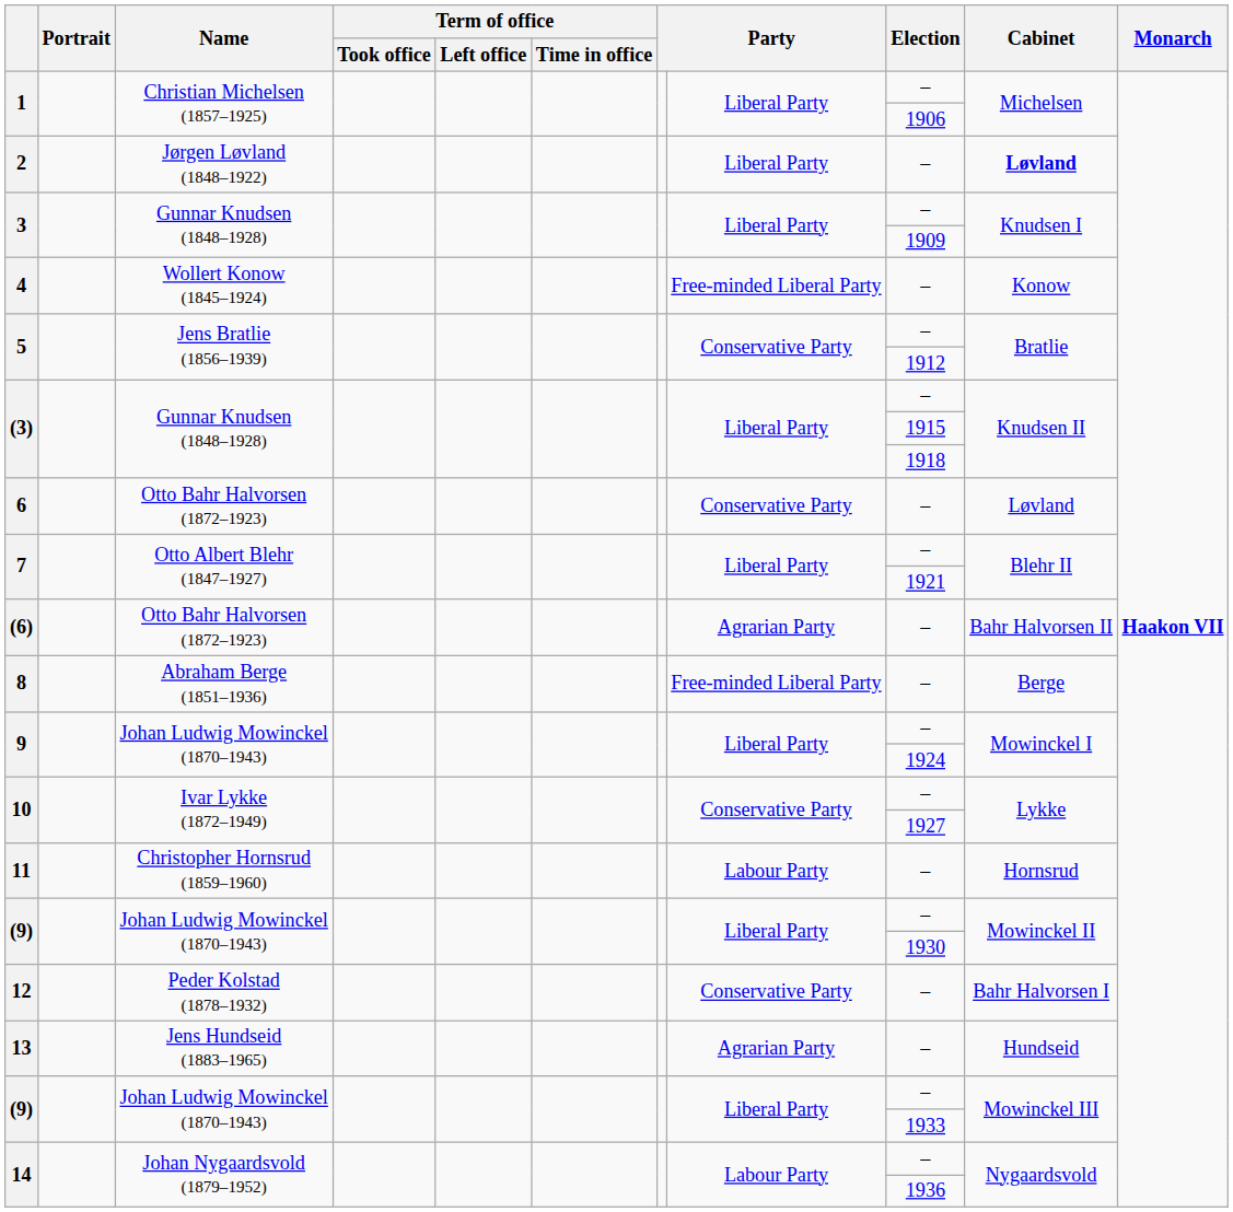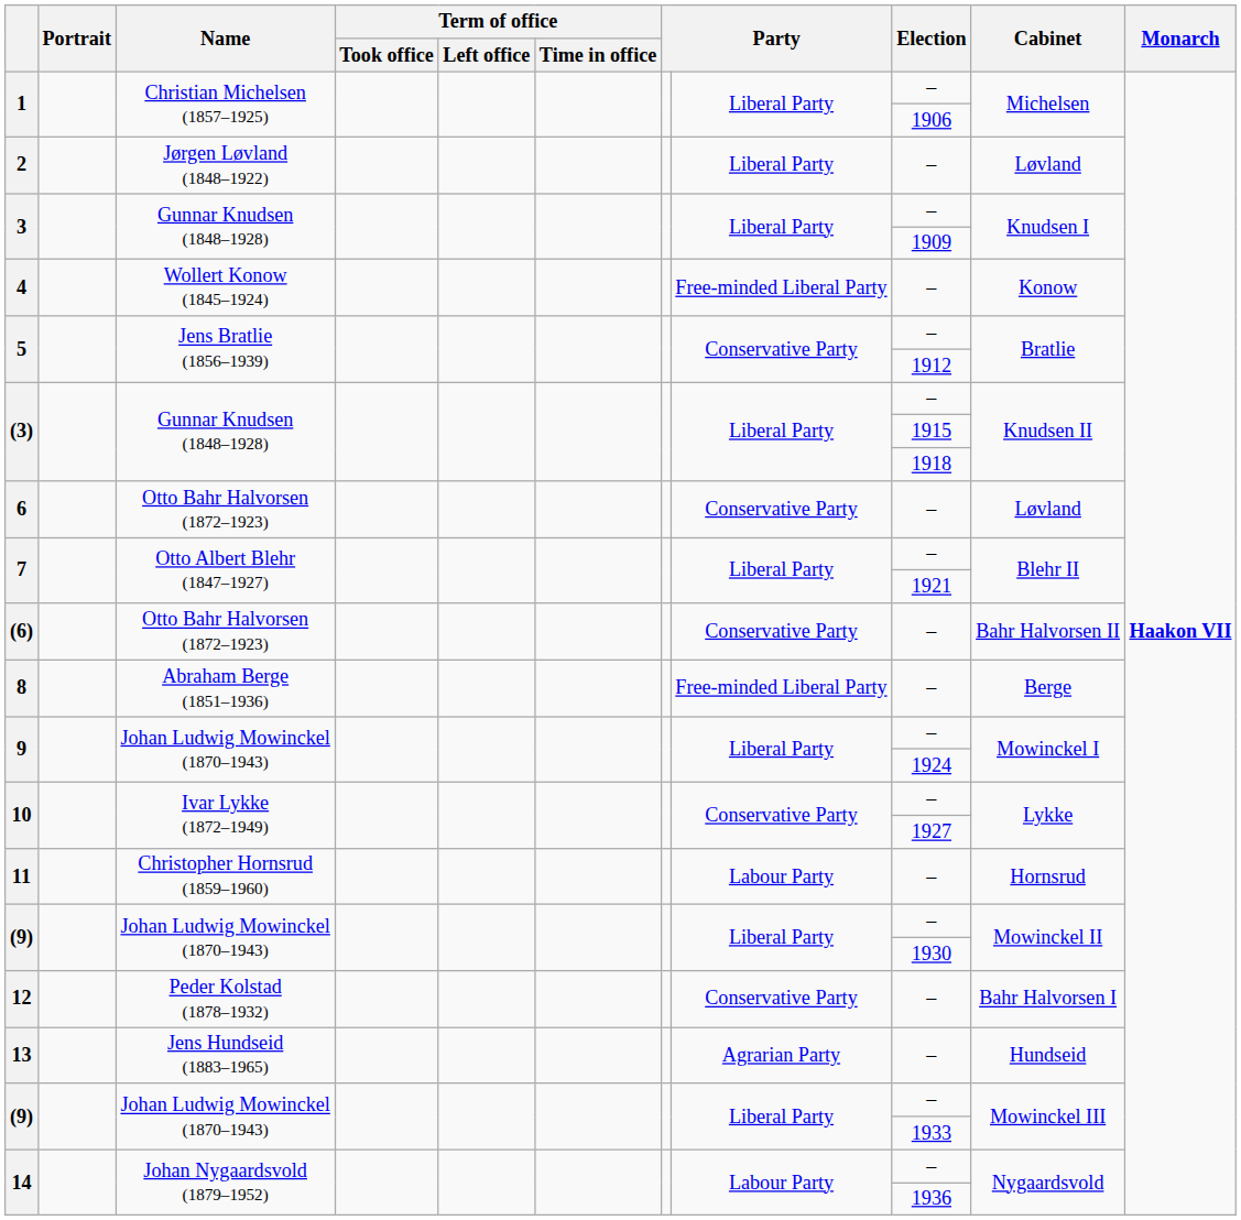 <table class="wikitable" style="text-align:center; font-size:90%;">
 <tr>
 <th rowspan=2></th>
 <th rowspan=2>Portrait</th>
 <th rowspan=2>Name<br></th>
 <th colspan=3>Term of office</th>
 <th colspan=2 rowspan=2>Party</th>
 <th rowspan=2>Election</th>
 <th rowspan=2>Cabinet<br></th>
 <th rowspan=2><a href='#'>Monarch</a><br></th>
 </tr>
 <tr>
 <th>Took office</th>
 <th>Left office</th>
 <th>Time in office</th>
 </tr>
 <tr>
 <th rowspan=2>1</th>
 <td rowspan=2></td>
 <td rowspan=2><a href='#'>Christian Michelsen</a><br><small>(1857–1925)</small></td>
 <td rowspan=2></td>
 <td rowspan=2></td>
 <td rowspan=2></td>
 <td rowspan=2 style="background:"></td>
 <td rowspan=2><a href='#'>Liberal Party</a></td>
 <td>–</td>
 <td rowspan=2><a href='#'>Michelsen</a><br></td>
 <td rowspan=29><strong><a href='#'>Haakon VII</a></strong><br><br></td>
 </tr>
 <tr>
 <td><a href='#'>1906</a></td>
 </tr>
 <tr>
 <th>2</th>
 <td></td>
 <td><a href='#'>Jørgen Løvland</a><br><small>(1848–1922)</small></td>
 <td></td>
 <td></td>
 <td></td>
 <td style="background:"></td>
 <td><a href='#'>Liberal Party</a></td>
 <td>–</td>
-<td><strong><a href='#'>Løvland</a><br></strong></td>
+<td><a href='#'>Løvland</a><br></td>
 </tr>
 <tr>
 <th rowspan=2>3</th>
 <td rowspan=2></td>
 <td rowspan=2><a href='#'>Gunnar Knudsen</a><br><small>(1848–1928)</small></td>
 <td rowspan=2></td>
 <td rowspan=2></td>
 <td rowspan=2></td>
 <td rowspan=2 style="background:"></td>
 <td rowspan=2><a href='#'>Liberal Party</a></td>
 <td>–</td>
 <td rowspan=2><a href='#'>Knudsen I</a><br></td>
 </tr>
 <tr>
 <td><a href='#'>1909</a></td>
 </tr>
 <tr>
 <th>4</th>
 <td></td>
 <td><a href='#'>Wollert Konow</a><br><small>(1845–1924)</small></td>
 <td></td>
 <td></td>
 <td></td>
 <td style="background:"></td>
 <td><a href='#'>Free-minded Liberal Party</a></td>
 <td>–</td>
 <td><a href='#'>Konow</a><br></td>
 </tr>
 <tr>
 <th rowspan=2>5</th>
 <td rowspan=2></td>
 <td rowspan=2><a href='#'>Jens Bratlie</a><br><small>(1856–1939)</small></td>
 <td rowspan=2></td>
 <td rowspan=2></td>
 <td rowspan=2></td>
 <td rowspan=2 style="background:"></td>
 <td rowspan=2><a href='#'>Conservative Party</a></td>
 <td>–</td>
 <td rowspan=2><a href='#'>Bratlie</a><br></td>
 </tr>
 <tr>
 <td><a href='#'>1912</a></td>
 </tr>
 <tr>
 <th rowspan=3>(3)</th>
 <td rowspan=3></td>
 <td rowspan=3><a href='#'>Gunnar Knudsen</a><br><small>(1848–1928)</small></td>
 <td rowspan=3></td>
 <td rowspan=3></td>
 <td rowspan=3></td>
 <td rowspan=3 style="background:"></td>
 <td rowspan=3><a href='#'>Liberal Party</a></td>
 <td>–</td>
 <td rowspan=3><a href='#'>Knudsen II</a><br></td>
 </tr>
 <tr>
 <td><a href='#'>1915</a></td>
 </tr>
 <tr>
 <td><a href='#'>1918</a></td>
 </tr>
 <tr>
 <th>6</th>
 <td></td>
 <td><a href='#'>Otto Bahr Halvorsen</a><br><small>(1872–1923)</small></td>
 <td></td>
 <td></td>
 <td></td>
 <td style="background:"></td>
 <td><a href='#'>Conservative Party</a></td>
 <td>–</td>
 <td><a href='#'>Løvland</a><br></td>
 </tr>
 <tr>
 <th rowspan=2>7</th>
 <td rowspan=2></td>
 <td rowspan=2><a href='#'>Otto Albert Blehr</a><br><small>(1847–1927)</small></td>
 <td rowspan=2></td>
 <td rowspan=2></td>
 <td rowspan=2></td>
 <td rowspan=2 style="background:"></td>
 <td rowspan=2><a href='#'>Liberal Party</a></td>
 <td>–</td>
 <td rowspan=2><a href='#'>Blehr II</a><br></td>
 </tr>
 <tr>
 <td><a href='#'>1921</a></td>
 </tr>
 <tr>
 <th>(6)</th>
 <td></td>
 <td><a href='#'>Otto Bahr Halvorsen</a><br><small>(1872–1923)</small></td>
 <td></td>
 <td></td>
 <td></td>
 <td style="background:"></td>
-<td><a href='#'>Agrarian Party</a></td>
+<td><a href='#'>Conservative Party</a></td>
 <td>–</td>
 <td><a href='#'>Bahr Halvorsen II</a><br></td>
 </tr>
 <tr>
 <th>8</th>
 <td></td>
 <td><a href='#'>Abraham Berge</a><br><small>(1851–1936)</small></td>
 <td></td>
 <td></td>
 <td></td>
 <td style="background:"></td>
 <td><a href='#'>Free-minded Liberal Party</a></td>
 <td>–</td>
 <td><a href='#'>Berge</a> <br></td>
 </tr>
 <tr>
 <th rowspan=2>9</th>
 <td rowspan=2></td>
 <td rowspan=2><a href='#'>Johan Ludwig Mowinckel</a><br><small>(1870–1943)</small></td>
 <td rowspan=2></td>
 <td rowspan=2></td>
 <td rowspan=2></td>
 <td rowspan=2 style="background:"></td>
 <td rowspan=2><a href='#'>Liberal Party</a></td>
 <td>–</td>
 <td rowspan=2><a href='#'>Mowinckel I</a><br></td>
 </tr>
 <tr>
 <td><a href='#'>1924</a></td>
 </tr>
 <tr>
 <th rowspan=2>10</th>
 <td rowspan=2></td>
 <td rowspan=2><a href='#'>Ivar Lykke</a><br><small>(1872–1949)</small></td>
 <td rowspan=2></td>
 <td rowspan=2></td>
 <td rowspan=2></td>
 <td rowspan=2 style="background:"></td>
 <td rowspan=2><a href='#'>Conservative Party</a></td>
 <td>–</td>
 <td rowspan=2><a href='#'>Lykke</a><br></td>
 </tr>
 <tr>
 <td><a href='#'>1927</a></td>
 </tr>
 <tr>
 <th>11</th>
 <td></td>
 <td><a href='#'>Christopher Hornsrud</a><br><small>(1859–1960)</small></td>
 <td></td>
 <td></td>
 <td></td>
 <td style="background:"></td>
 <td><a href='#'>Labour Party</a></td>
 <td>–</td>
 <td><a href='#'>Hornsrud</a><br></td>
 </tr>
 <tr>
 <th rowspan=2>(9)</th>
 <td rowspan=2></td>
 <td rowspan=2><a href='#'>Johan Ludwig Mowinckel</a><br><small>(1870–1943)</small></td>
 <td rowspan=2></td>
 <td rowspan=2></td>
 <td rowspan=2></td>
 <td rowspan=2 style="background:"></td>
 <td rowspan=2><a href='#'>Liberal Party</a></td>
 <td>–</td>
 <td rowspan=2><a href='#'>Mowinckel II</a><br></td>
 </tr>
 <tr>
 <td><a href='#'>1930</a></td>
 </tr>
 <tr>
 <th>12</th>
 <td></td>
 <td><a href='#'>Peder Kolstad</a><br><small>(1878–1932)</small></td>
 <td></td>
 <td></td>
 <td></td>
 <td style="background:"></td>
 <td><a href='#'>Conservative Party</a></td>
 <td>–</td>
 <td><a href='#'>Bahr Halvorsen I</a><br></td>
 </tr>
 <tr>
 <th>13</th>
 <td></td>
 <td><a href='#'>Jens Hundseid</a><br><small>(1883–1965)</small></td>
 <td></td>
 <td></td>
 <td></td>
 <td style="background:"></td>
 <td><a href='#'>Agrarian Party</a></td>
 <td>–</td>
 <td><a href='#'>Hundseid</a> <br></td>
 </tr>
 <tr>
 <th rowspan=2>(9)</th>
 <td rowspan=2></td>
 <td rowspan=2><a href='#'>Johan Ludwig Mowinckel</a><br><small>(1870–1943)</small></td>
 <td rowspan=2></td>
 <td rowspan=2></td>
 <td rowspan=2></td>
 <td rowspan=2 style="background:"></td>
 <td rowspan=2><a href='#'>Liberal Party</a></td>
 <td>–</td>
 <td rowspan=2><a href='#'>Mowinckel III</a><br></td>
 </tr>
 <tr>
 <td><a href='#'>1933</a></td>
 </tr>
 <tr>
 <th rowspan=2>14</th>
 <td rowspan=2></td>
 <td rowspan=2><a href='#'>Johan Nygaardsvold</a><br><small>(1879–1952)</small></td>
 <td rowspan=2><br></td>
 <td rowspan=2></td>
 <td rowspan=2></td>
 <td rowspan=2 style="background:"></td>
 <td rowspan=2><a href='#'>Labour Party</a></td>
 <td>–</td>
 <td rowspan=2><a href='#'>Nygaardsvold</a><br></td>
 </tr>
 <tr>
 <td><a href='#'>1936</a></td>
 </tr>
 </table>
